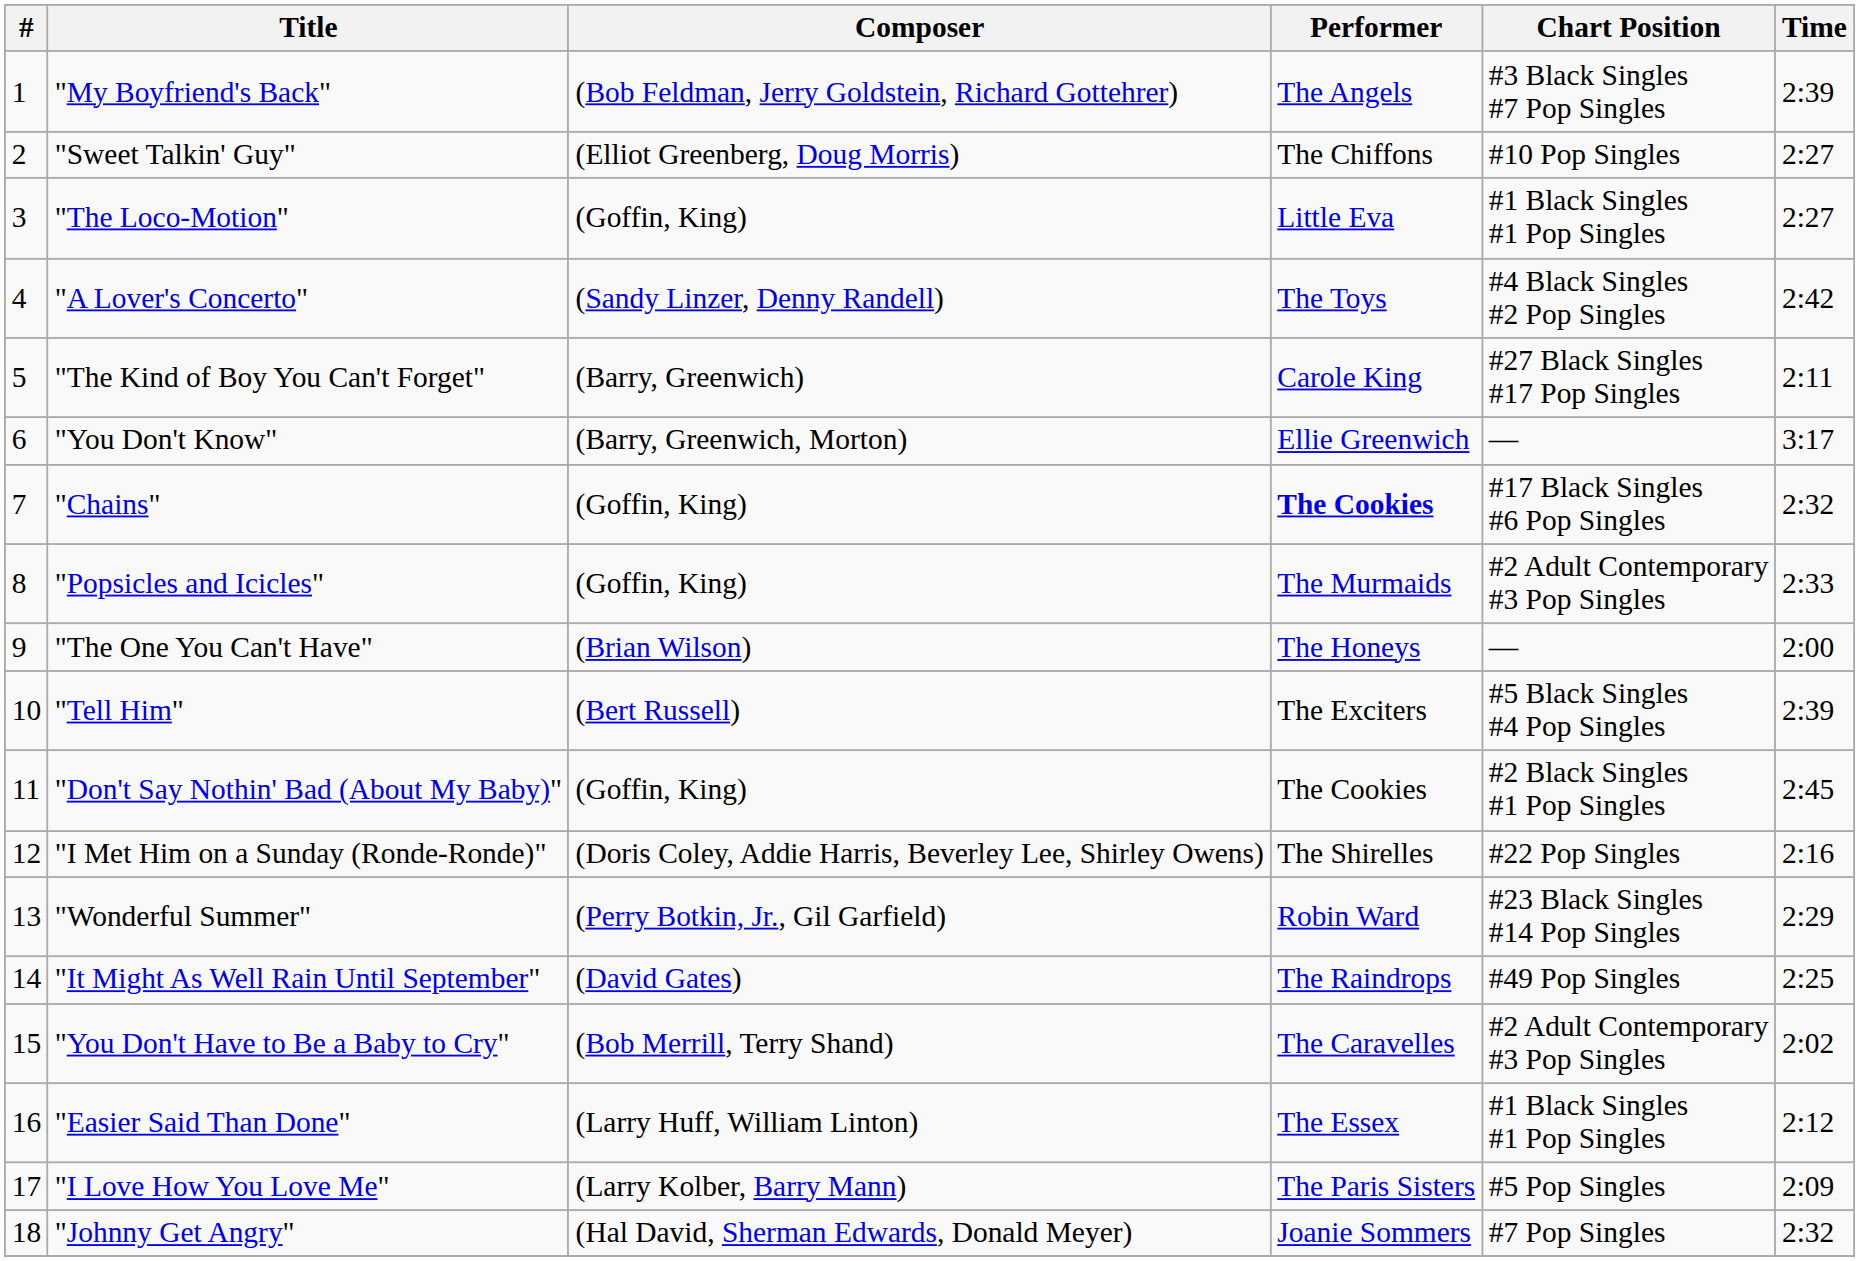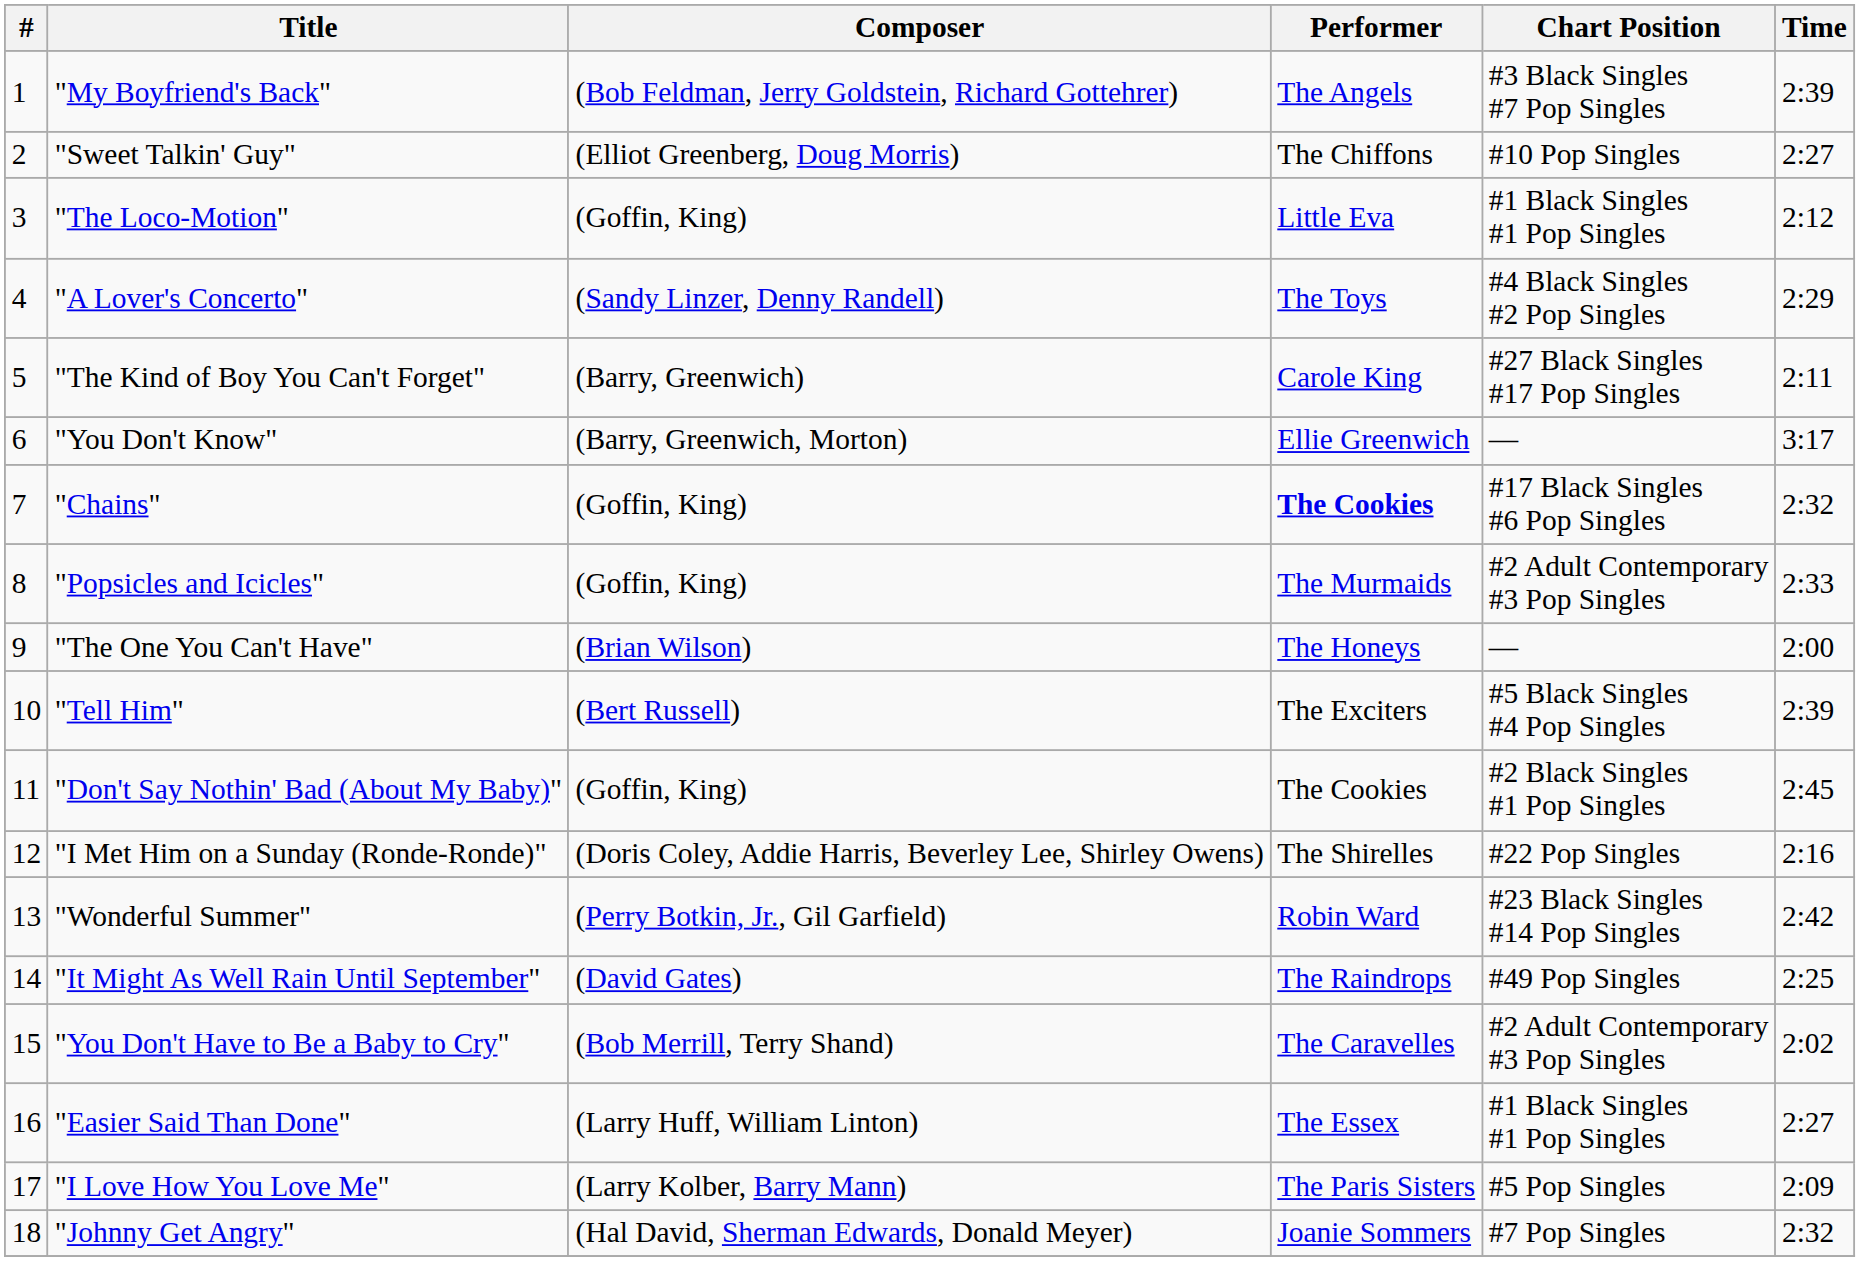 <table class="wikitable">
 <tr>
 <th>#</th>
 <th>Title</th>
 <th>Composer</th>
 <th>Performer</th>
 <th>Chart Position</th>
 <th>Time</th>
 </tr>
 <tr>
 <td>1</td>
 <td>"<a href='#'>My Boyfriend's Back</a>"</td>
 <td>(<a href='#'>Bob Feldman</a>, <a href='#'>Jerry Goldstein</a>, <a href='#'>Richard Gottehrer</a>)</td>
 <td><a href='#'>The Angels</a></td>
 <td>#3 Black Singles<br>#7 Pop Singles</td>
 <td>2:39</td>
 </tr>
 <tr>
 <td>2</td>
 <td>"Sweet Talkin' Guy"</td>
 <td>(Elliot Greenberg, <a href='#'>Doug Morris</a>)</td>
 <td>The Chiffons</td>
 <td>#10 Pop Singles</td>
 <td>2:27</td>
 </tr>
 <tr>
 <td>3</td>
 <td>"<a href='#'>The Loco-Motion</a>"</td>
 <td>(Goffin, King)</td>
 <td><a href='#'>Little Eva</a></td>
 <td>#1 Black Singles<br>#1 Pop Singles</td>
-<td>2:27</td>
+<td>2:12</td>
 </tr>
 <tr>
 <td>4</td>
 <td>"<a href='#'>A Lover's Concerto</a>"</td>
 <td>(<a href='#'>Sandy Linzer</a>, <a href='#'>Denny Randell</a>)</td>
 <td><a href='#'>The Toys</a></td>
 <td>#4 Black Singles<br>#2 Pop Singles</td>
-<td>2:42</td>
+<td>2:29</td>
 </tr>
 <tr>
 <td>5</td>
 <td>"The Kind of Boy You Can't Forget"</td>
 <td>(Barry, Greenwich)</td>
 <td><a href='#'>Carole King</a></td>
 <td>#27 Black Singles<br>#17 Pop Singles</td>
 <td>2:11</td>
 </tr>
 <tr>
 <td>6</td>
 <td>"You Don't Know"</td>
 <td>(Barry, Greenwich, Morton)</td>
 <td><a href='#'>Ellie Greenwich</a></td>
 <td>—</td>
 <td>3:17</td>
 </tr>
 <tr>
 <td>7</td>
 <td>"<a href='#'>Chains</a>"</td>
 <td>(Goffin, King)</td>
 <td><strong><a href='#'>The Cookies</a></strong></td>
 <td>#17 Black Singles<br>#6 Pop Singles</td>
 <td>2:32</td>
 </tr>
 <tr>
 <td>8</td>
 <td>"<a href='#'>Popsicles and Icicles</a>"</td>
 <td>(Goffin, King)</td>
 <td><a href='#'>The Murmaids</a></td>
 <td>#2 Adult Contemporary<br>#3 Pop Singles</td>
 <td>2:33</td>
 </tr>
 <tr>
 <td>9</td>
 <td>"The One You Can't Have"</td>
 <td>(<a href='#'>Brian Wilson</a>)</td>
 <td><a href='#'>The Honeys</a></td>
 <td>—</td>
 <td>2:00</td>
 </tr>
 <tr>
 <td>10</td>
 <td>"<a href='#'>Tell Him</a>"</td>
 <td>(<a href='#'>Bert Russell</a>)</td>
 <td>The Exciters</td>
 <td>#5 Black Singles<br>#4 Pop Singles</td>
 <td>2:39</td>
 </tr>
 <tr>
 <td>11</td>
 <td>"<a href='#'>Don't Say Nothin' Bad (About My Baby)</a>"</td>
 <td>(Goffin, King)</td>
 <td>The Cookies</td>
 <td>#2 Black Singles<br>#1 Pop Singles</td>
 <td>2:45</td>
 </tr>
 <tr>
 <td>12</td>
 <td>"I Met Him on a Sunday (Ronde-Ronde)"</td>
 <td>(Doris Coley, Addie Harris, Beverley Lee, Shirley Owens)</td>
 <td>The Shirelles</td>
 <td>#22 Pop Singles</td>
 <td>2:16</td>
 </tr>
 <tr>
 <td>13</td>
 <td>"Wonderful Summer"</td>
 <td>(<a href='#'>Perry Botkin, Jr.</a>, Gil Garfield)</td>
 <td><a href='#'>Robin Ward</a></td>
 <td>#23 Black Singles<br>#14 Pop Singles</td>
-<td>2:29</td>
+<td>2:42</td>
 </tr>
 <tr>
 <td>14</td>
 <td>"<a href='#'>It Might As Well Rain Until September</a>"</td>
 <td>(<a href='#'>David Gates</a>)</td>
 <td><a href='#'>The Raindrops</a></td>
 <td>#49 Pop Singles</td>
 <td>2:25</td>
 </tr>
 <tr>
 <td>15</td>
 <td>"<a href='#'>You Don't Have to Be a Baby to Cry</a>"</td>
 <td>(<a href='#'>Bob Merrill</a>, Terry Shand)</td>
 <td><a href='#'>The Caravelles</a></td>
 <td>#2 Adult Contemporary<br>#3 Pop Singles</td>
 <td>2:02</td>
 </tr>
 <tr>
 <td>16</td>
 <td>"<a href='#'>Easier Said Than Done</a>"</td>
 <td>(Larry Huff, William Linton)</td>
 <td><a href='#'>The Essex</a></td>
 <td>#1 Black Singles<br>#1 Pop Singles</td>
-<td>2:12</td>
+<td>2:27</td>
 </tr>
 <tr>
 <td>17</td>
 <td>"<a href='#'>I Love How You Love Me</a>"</td>
 <td>(Larry Kolber, <a href='#'>Barry Mann</a>)</td>
 <td><a href='#'>The Paris Sisters</a></td>
 <td>#5 Pop Singles</td>
 <td>2:09</td>
 </tr>
 <tr>
 <td>18</td>
 <td>"<a href='#'>Johnny Get Angry</a>"</td>
 <td>(Hal David, <a href='#'>Sherman Edwards</a>, Donald Meyer)</td>
 <td><a href='#'>Joanie Sommers</a></td>
 <td>#7 Pop Singles</td>
 <td>2:32</td>
 </tr>
 <tr>
 </tr>
 </table>
